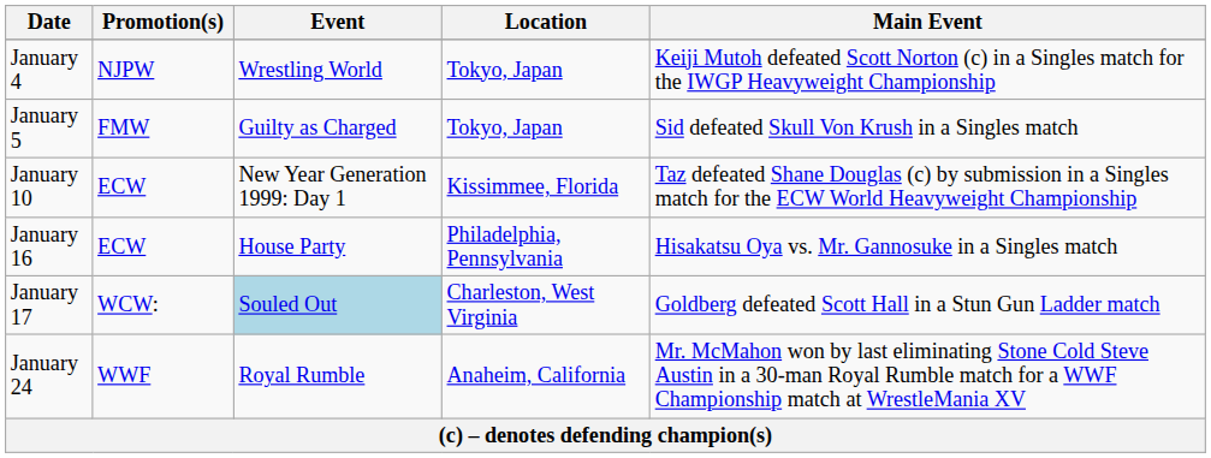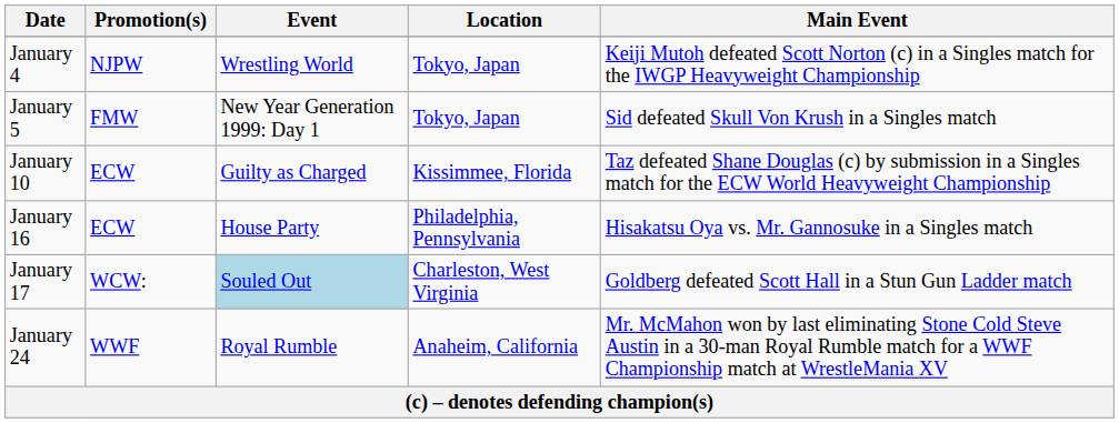 <table class="wikitable" style="width:100%;">
 <tr>
 <th width="5%">Date</th>
 <th width="5%">Promotion(s)</th>
 <th style="width:15%;">Event</th>
 <th style="width:15%;">Location</th>
 <th style="width:40%;">Main Event</th>
 </tr>
 <tr style="width:20%;" |Notes>
 </tr>
 <tr>
 <td>January 4</td>
 <td><a href='#'>NJPW</a></td>
 <td><a href='#'>Wrestling World</a></td>
 <td><a href='#'>Tokyo, Japan</a></td>
 <td><a href='#'>Keiji Mutoh</a> defeated <a href='#'>Scott Norton</a> (c) in a Singles match for the <a href='#'>IWGP Heavyweight Championship</a></td>
 </tr>
 <tr>
 <td>January 5</td>
 <td><a href='#'>FMW</a></td>
-<td><a href='#'>Guilty as Charged</a></td>
+<td>New Year Generation 1999: Day 1</td>
 <td><a href='#'>Tokyo, Japan</a></td>
 <td><a href='#'>Sid</a> defeated <a href='#'>Skull Von Krush</a> in a Singles match</td>
 </tr>
 <tr>
 <td>January 10</td>
 <td><a href='#'>ECW</a></td>
-<td>New Year Generation 1999: Day 1</td>
+<td><a href='#'>Guilty as Charged</a></td>
 <td><a href='#'>Kissimmee, Florida</a></td>
 <td><a href='#'>Taz</a> defeated <a href='#'>Shane Douglas</a> (c) by submission in a Singles match for the <a href='#'>ECW World Heavyweight Championship</a></td>
 </tr>
 <tr>
 <td>January 16</td>
 <td><a href='#'>ECW</a></td>
 <td><a href='#'>House Party</a></td>
 <td><a href='#'>Philadelphia, Pennsylvania</a></td>
 <td><a href='#'>Hisakatsu Oya</a> vs. <a href='#'>Mr. Gannosuke</a> in a Singles match</td>
 </tr>
 <tr>
 <td>January 17</td>
 <td><a href='#'>WCW</a>:<br></td>
 <td style="background: lightblue;"><a href='#'>Souled Out</a></td>
 <td><a href='#'>Charleston, West Virginia</a></td>
 <td><a href='#'>Goldberg</a> defeated <a href='#'>Scott Hall</a> in a Stun Gun <a href='#'>Ladder match</a></td>
 </tr>
 <tr>
 <td>January 24</td>
 <td><a href='#'>WWF</a></td>
 <td><a href='#'>Royal Rumble</a></td>
 <td><a href='#'>Anaheim, California</a></td>
 <td><a href='#'>Mr. McMahon</a> won by last eliminating <a href='#'>Stone Cold Steve Austin</a> in a 30-man Royal Rumble match for a <a href='#'>WWF Championship</a> match at <a href='#'>WrestleMania XV</a></td>
 </tr>
 <tr>
 <th colspan="6">(c) – denotes defending champion(s)</th>
 </tr>
 </table>
